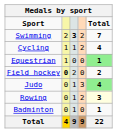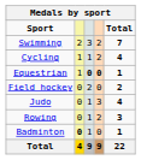 <table class="wikitable" style="font-size:85%; float: right;">
 <tr style="background:#efefef;">
 <th colspan=5>Medals by sport</th>
 </tr>
 <tr align=center>
 <td><strong>Sport</strong></td>
 <td bgcolor=#f7f6a8></td>
 <td bgcolor=#dce5e5></td>
 <td bgcolor=#ffdab9></td>
 <td><strong>Total</strong></td>
 </tr>
 <tr align=center>
 <td><a href='#'>Swimming</a></td>
 <td style="background:#F7F6A8;">2</td>
-<td style="background:#DCE5E5;"><strong>3</strong></td>
+<td style="background:#DCE5E5;">3</td>
 <td style="background:#FFDAB9;">2</td>
 <td><strong>7</strong></td>
 </tr>
 <tr align=center>
 <td><a href='#'>Cycling</a></td>
 <td style="background:#F7F6A8;">1</td>
 <td style="background:#DCE5E5;">1</td>
 <td style="background:#FFDAB9;">2</td>
 <td><strong>4</strong></td>
 </tr>
 <tr align=center>
 <td><a href='#'>Equestrian</a></td>
 <td style="background:#F7F6A8;">1</td>
-<td style="background:#DCE5E5;">0</td>
-<td style="background:#FFDAB9;">0</td>
-<td style="background: lightgreen;"><strong>1</strong></td>
+<td style="background:#DCE5E5;"><strong>0</strong></td>
+<td style="background:#FFDAB9;"><strong>0</strong></td>
+<td><strong>1</strong></td>
 </tr>
 <tr align=center>
 <td><a href='#'>Field hockey</a></td>
-<td style="background:#F7F6A8;"><strong>0</strong></td>
+<td style="background:#F7F6A8;">0</td>
 <td style="background:#DCE5E5;">2</td>
 <td style="background:#FFDAB9;">0</td>
 <td><strong>2</strong></td>
 </tr>
 <tr align=center>
 <td><a href='#'>Judo</a></td>
 <td style="background:#F7F6A8;">0</td>
 <td style="background:#DCE5E5;">1</td>
 <td style="background:#FFDAB9;">3</td>
-<td style="background: lightgreen;"><strong>4</strong></td>
+<td><strong>4</strong></td>
 </tr>
 <tr align=center>
 <td><a href='#'>Rowing</a></td>
 <td style="background:#F7F6A8;">0</td>
 <td style="background:#DCE5E5;">1</td>
 <td style="background:#FFDAB9;">2</td>
-<td style="background: lightyellow;"><strong>3</strong></td>
+<td><strong>3</strong></td>
 </tr>
 <tr align=center>
 <td><a href='#'>Badminton</a></td>
-<td style="background:#F7F6A8;">0</td>
+<td style="background:#F7F6A8;"><strong>0</strong></td>
 <td style="background:#DCE5E5;">1</td>
 <td style="background:#FFDAB9;">0</td>
 <td><strong>1</strong></td>
 </tr>
 <tr align=center>
 <th>Total</th>
 <th style="background:gold;">4</th>
 <th style="background:silver;">9</th>
 <th style="background:#c96;">9</th>
 <th>22</th>
 </tr>
 </table>
